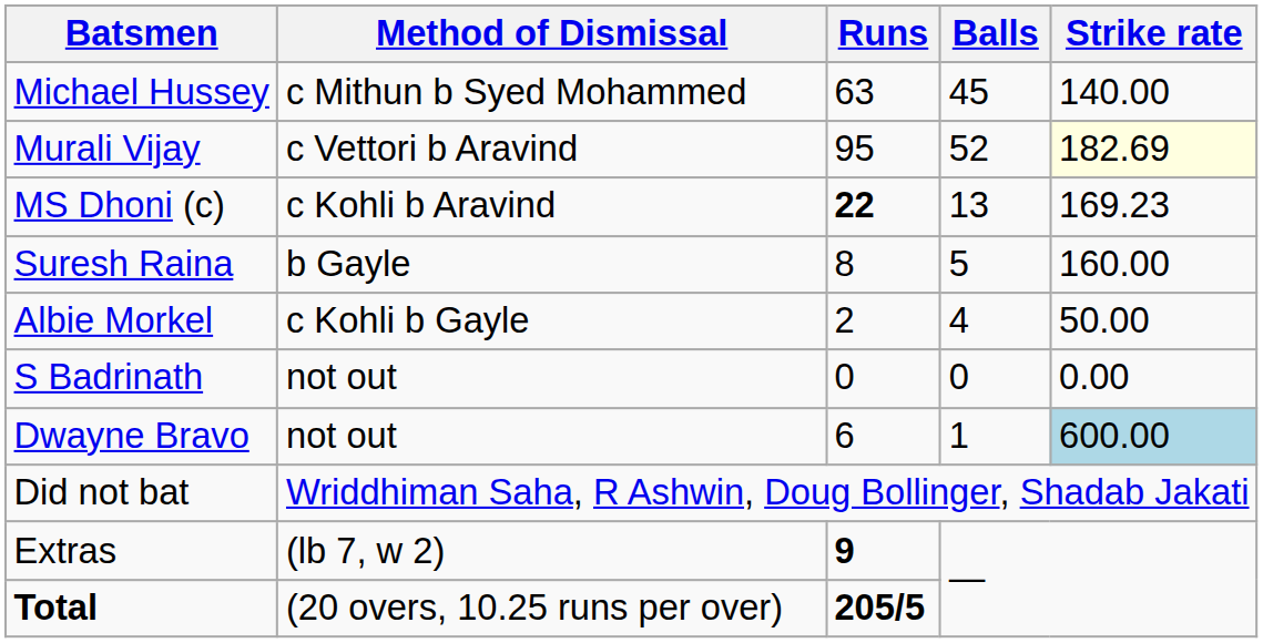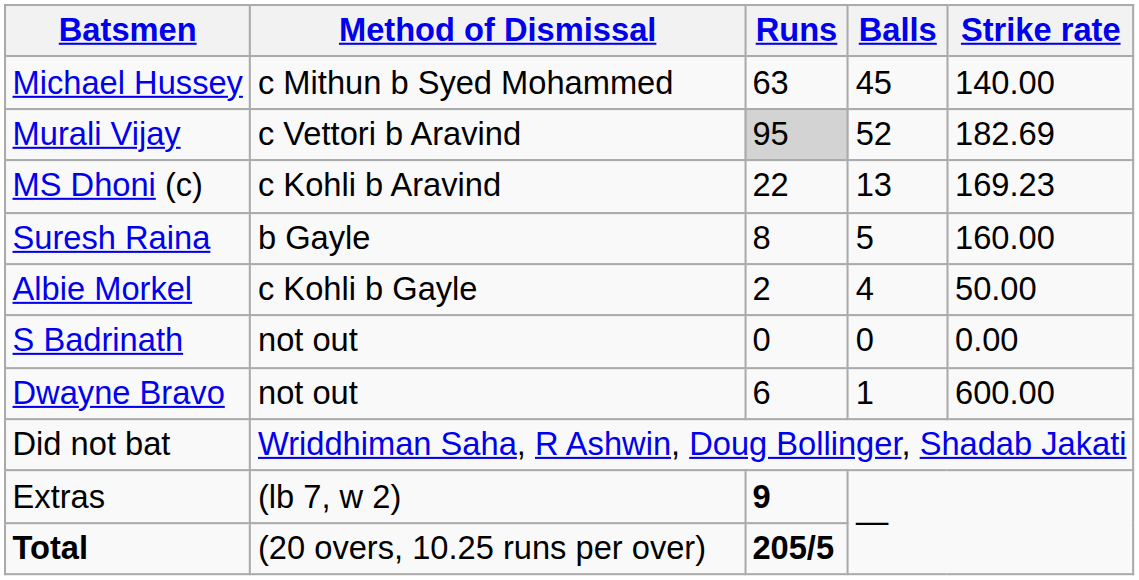 <table class="wikitable">
 <tr>
 <th><a href='#'>Batsmen</a></th>
 <th><a href='#'>Method of Dismissal</a></th>
 <th><a href='#'>Runs</a></th>
 <th><a href='#'>Balls</a></th>
 <th><a href='#'>Strike rate</a></th>
 </tr>
 <tr>
 <td><a href='#'>Michael Hussey</a></td>
 <td>c Mithun b Syed Mohammed</td>
 <td>63</td>
 <td>45</td>
 <td>140.00</td>
 </tr>
 <tr>
 <td><a href='#'>Murali Vijay</a></td>
 <td>c Vettori b Aravind</td>
-<td>95</td>
+<td style="background: lightgrey;">95</td>
 <td>52</td>
-<td style="background: lightyellow;">182.69</td>
+<td>182.69</td>
 </tr>
 <tr>
 <td><a href='#'>MS Dhoni</a> (c)</td>
 <td>c Kohli b Aravind</td>
-<td><strong>22</strong></td>
+<td>22</td>
 <td>13</td>
 <td>169.23</td>
 </tr>
 <tr>
 <td><a href='#'>Suresh Raina</a></td>
 <td>b Gayle</td>
 <td>8</td>
 <td>5</td>
 <td>160.00</td>
 </tr>
 <tr>
 <td><a href='#'>Albie Morkel</a></td>
 <td>c Kohli b Gayle</td>
 <td>2</td>
 <td>4</td>
 <td>50.00</td>
 </tr>
 <tr>
 <td><a href='#'>S Badrinath</a></td>
 <td>not out</td>
 <td>0</td>
 <td>0</td>
 <td>0.00</td>
 </tr>
 <tr>
 <td><a href='#'>Dwayne Bravo</a></td>
 <td>not out</td>
 <td>6</td>
 <td>1</td>
-<td style="background: lightblue;">600.00</td>
+<td>600.00</td>
 </tr>
 <tr>
 <td>Did not bat</td>
 <td colspan="4"><a href='#'>Wriddhiman Saha</a>, <a href='#'>R Ashwin</a>, <a href='#'>Doug Bollinger</a>, <a href='#'>Shadab Jakati</a></td>
 </tr>
 <tr>
 <td>Extras</td>
 <td>(lb 7, w 2)</td>
 <td><strong>9</strong></td>
 <td colspan="2" rowspan="2">—</td>
 </tr>
 <tr>
 <td><strong>Total</strong></td>
 <td>(20 overs, 10.25 runs per over)</td>
 <td><strong>205/5</strong></td>
 </tr>
 </table>
